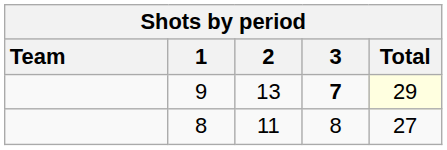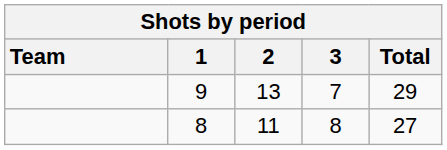 <table class="wikitable" style="width:20em; text-align:right;">
 <tr>
 <th colspan=6>Shots by period</th>
 </tr>
 <tr>
 <th style="width:8em; text-align:left;">Team</th>
 <th style="width:3em;">1</th>
 <th style="width:3em;">2</th>
 <th style="width:3em;">3</th>
 <th style="width:3em;">Total</th>
 </tr>
 <tr>
 <td style="text-align:left;"></td>
 <td align=center>9</td>
 <td align=center>13</td>
-<td align=center><strong>7</strong></td>
-<td align=center style="background: lightyellow;">29</td>
+<td align=center>7</td>
+<td align=center>29</td>
 </tr>
 <tr>
 <td style="text-align:left;"></td>
 <td align=center>8</td>
 <td align=center>11</td>
 <td align=center>8</td>
 <td align=center>27</td>
 </tr>
 </table>
